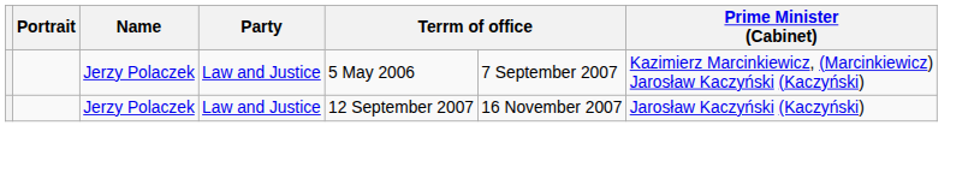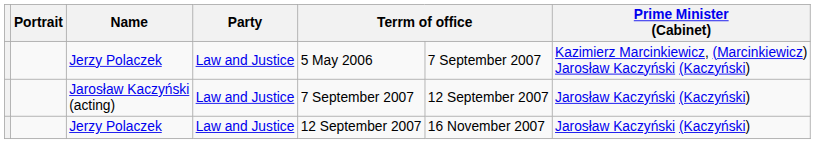 <table class="wikitable">
 <tr>
 <th></th>
 <th>Portrait</th>
 <th>Name</th>
 <th>Party</th>
 <th colspan="2">Terrm of office</th>
 <th><a href='#'>Prime Minister</a><br>(Cabinet)</th>
 </tr>
 <tr>
 <th style="background:"></th>
 <td></td>
 <td><a href='#'>Jerzy Polaczek</a></td>
 <td><a href='#'>Law and Justice</a></td>
 <td>5 May 2006</td>
 <td>7 September 2007</td>
 <td><a href='#'>Kazimierz Marcinkiewicz</a>, <a href='#'>(Marcinkiewicz</a>)<br><a href='#'>Jarosław Kaczyński</a> <a href='#'>(Kaczyński</a>)</td>
 </tr>
 <tr>
 <th style="background:"></th>
 <td></td>
+<td><a href='#'>Jarosław Kaczyński</a><br>(acting)</td>
+<td><a href='#'>Law and Justice</a></td>
+<td>7 September 2007</td>
+<td>12 September 2007</td>
+<td><a href='#'>Jarosław Kaczyński</a> <a href='#'>(Kaczyński</a>)</td>
+</tr>
+<tr>
+<th style="background:"></th>
+<td></td>
 <td><a href='#'>Jerzy Polaczek</a></td>
 <td><a href='#'>Law and Justice</a></td>
 <td>12 September 2007</td>
 <td>16 November 2007</td>
 <td><a href='#'>Jarosław Kaczyński</a> <a href='#'>(Kaczyński</a>)</td>
 </tr>
 </table>
